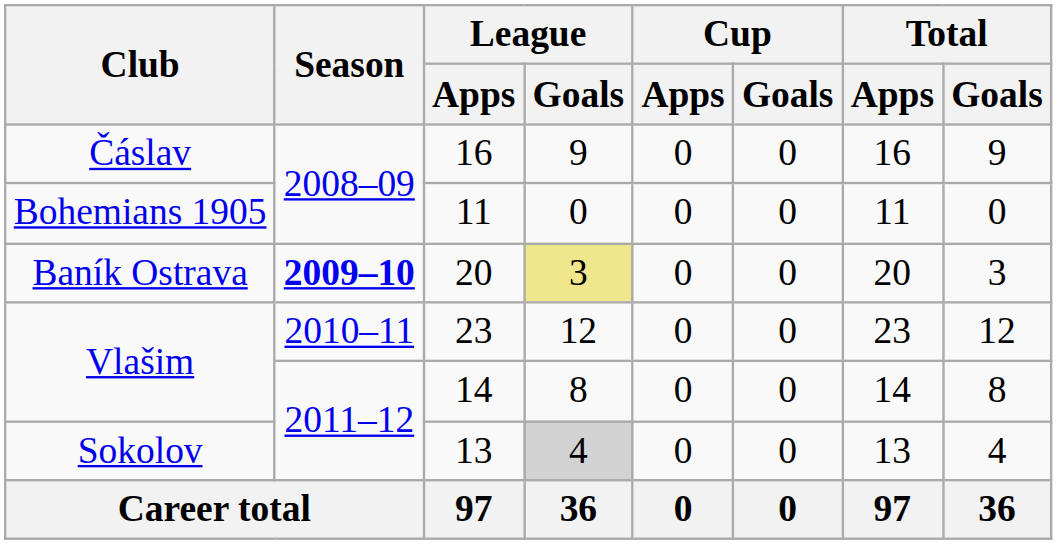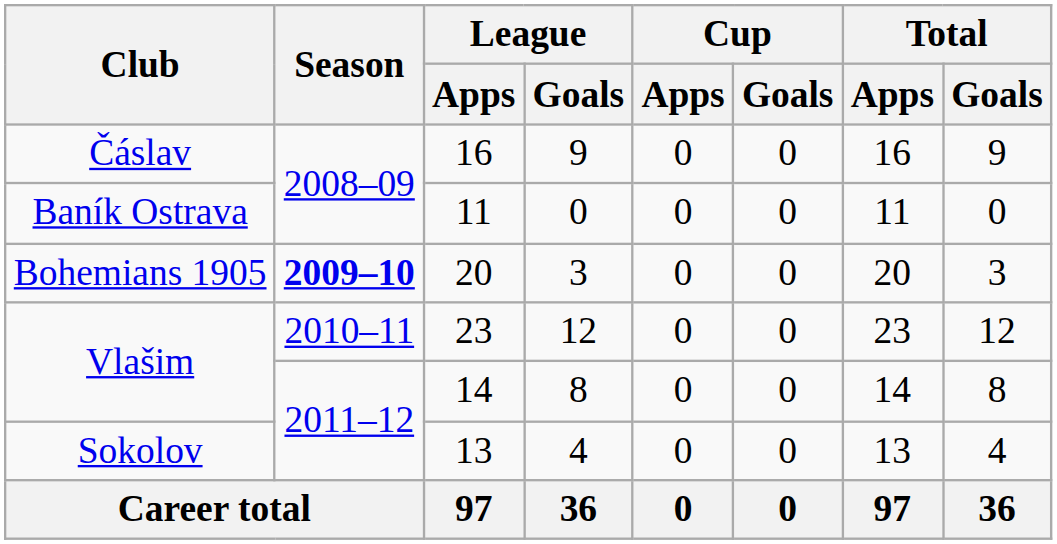 <table class="wikitable" style="text-align:center">
 <tr>
 <th rowspan="2">Club</th>
 <th rowspan="2">Season</th>
 <th colspan="2">League</th>
 <th colspan="2">Cup</th>
 <th colspan="2">Total</th>
 </tr>
 <tr>
 <th>Apps</th>
 <th>Goals</th>
 <th>Apps</th>
 <th>Goals</th>
 <th>Apps</th>
 <th>Goals</th>
 </tr>
 <tr>
 <td><a href='#'>Čáslav</a></td>
 <td rowspan=2><a href='#'>2008–09</a></td>
 <td>16</td>
 <td>9</td>
 <td>0</td>
 <td>0</td>
 <td>16</td>
 <td>9</td>
 </tr>
 <tr>
-<td><a href='#'>Bohemians 1905</a></td>
+<td><a href='#'>Baník Ostrava</a></td>
 <td>11</td>
 <td>0</td>
 <td>0</td>
 <td>0</td>
 <td>11</td>
 <td>0</td>
 </tr>
 <tr>
-<td><a href='#'>Baník Ostrava</a></td>
+<td><a href='#'>Bohemians 1905</a></td>
 <td><strong><a href='#'>2009–10</a></strong></td>
 <td>20</td>
-<td style="background: khaki;">3</td>
+<td>3</td>
 <td>0</td>
 <td>0</td>
 <td>20</td>
 <td>3</td>
 </tr>
 <tr>
 <td rowspan=2><a href='#'>Vlašim</a></td>
 <td><a href='#'>2010–11</a></td>
 <td>23</td>
 <td>12</td>
 <td>0</td>
 <td>0</td>
 <td>23</td>
 <td>12</td>
 </tr>
 <tr>
 <td rowspan=2><a href='#'>2011–12</a></td>
 <td>14</td>
 <td>8</td>
 <td>0</td>
 <td>0</td>
 <td>14</td>
 <td>8</td>
 </tr>
 <tr>
 <td><a href='#'>Sokolov</a></td>
 <td>13</td>
-<td style="background: lightgrey;">4</td>
+<td>4</td>
 <td>0</td>
 <td>0</td>
 <td>13</td>
 <td>4</td>
 </tr>
 <tr>
 <th colspan="2">Career total</th>
 <th>97</th>
 <th>36</th>
 <th>0</th>
 <th>0</th>
 <th>97</th>
 <th>36</th>
 </tr>
 </table>
